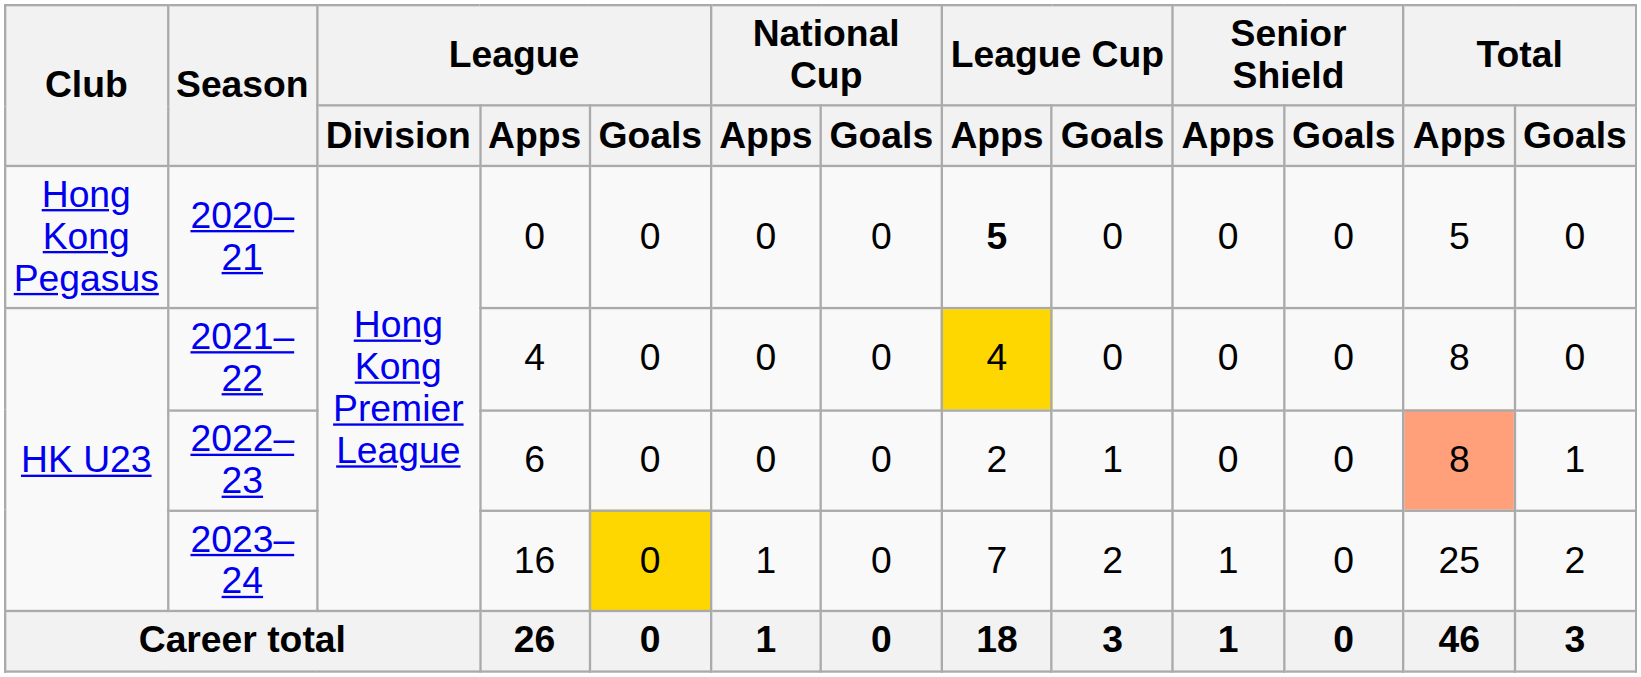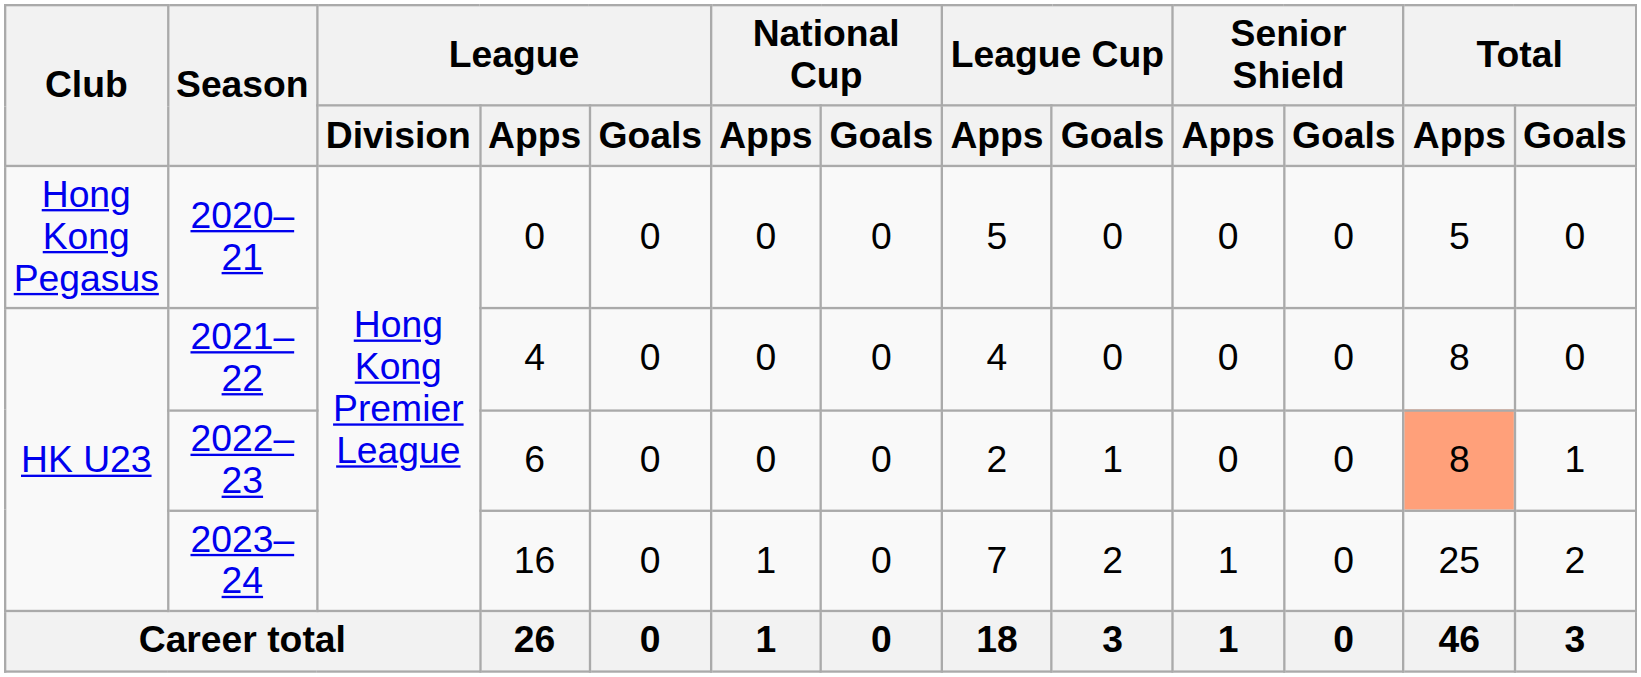 <table class="wikitable" style="text-align: center">
 <tr>
 <th rowspan="2">Club</th>
 <th rowspan="2">Season</th>
 <th colspan="3">League</th>
 <th colspan="2">National Cup</th>
 <th colspan="2">League Cup</th>
 <th colspan="2">Senior Shield</th>
 <th colspan="2">Total</th>
 </tr>
 <tr>
 <th>Division</th>
 <th>Apps</th>
 <th>Goals</th>
 <th>Apps</th>
 <th>Goals</th>
 <th>Apps</th>
 <th>Goals</th>
 <th>Apps</th>
 <th>Goals</th>
 <th>Apps</th>
 <th>Goals</th>
 </tr>
 <tr>
 <td><a href='#'>Hong Kong Pegasus</a></td>
 <td><a href='#'>2020–21</a></td>
 <td rowspan="4"><a href='#'>Hong Kong Premier League</a></td>
 <td>0</td>
 <td>0</td>
 <td>0</td>
 <td>0</td>
-<td><strong>5</strong></td>
+<td>5</td>
 <td>0</td>
 <td>0</td>
 <td>0</td>
 <td>5</td>
 <td>0</td>
 </tr>
 <tr>
 <td rowspan="3"><a href='#'>HK U23</a></td>
 <td><a href='#'>2021–22</a></td>
 <td>4</td>
 <td>0</td>
 <td>0</td>
 <td>0</td>
-<td style="background: gold;">4</td>
+<td>4</td>
 <td>0</td>
 <td>0</td>
 <td>0</td>
 <td>8</td>
 <td>0</td>
 </tr>
 <tr>
 <td><a href='#'>2022–23</a></td>
 <td>6</td>
 <td>0</td>
 <td>0</td>
 <td>0</td>
 <td>2</td>
 <td>1</td>
 <td>0</td>
 <td>0</td>
 <td style="background: lightsalmon;">8</td>
 <td>1</td>
 </tr>
 <tr>
 <td><a href='#'>2023–24</a></td>
 <td>16</td>
-<td style="background: gold;">0</td>
+<td>0</td>
 <td>1</td>
 <td>0</td>
 <td>7</td>
 <td>2</td>
 <td>1</td>
 <td>0</td>
 <td>25</td>
 <td>2</td>
 </tr>
 <tr>
 <th colspan="3">Career total</th>
 <th>26</th>
 <th>0</th>
 <th>1</th>
 <th>0</th>
 <th>18</th>
 <th>3</th>
 <th>1</th>
 <th>0</th>
 <th>46</th>
 <th>3</th>
 </tr>
 </table>
